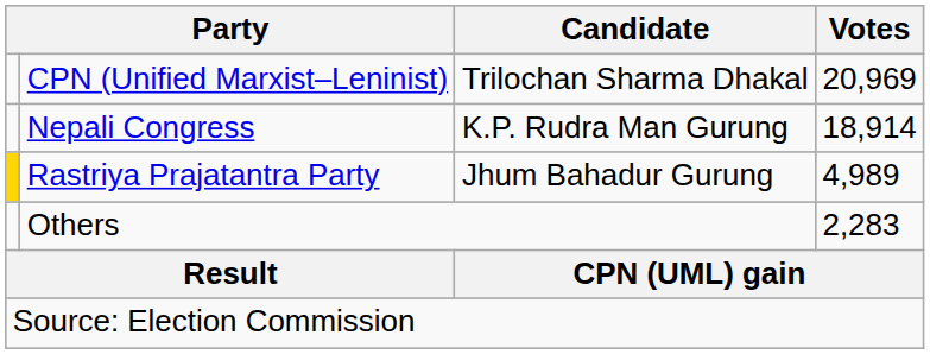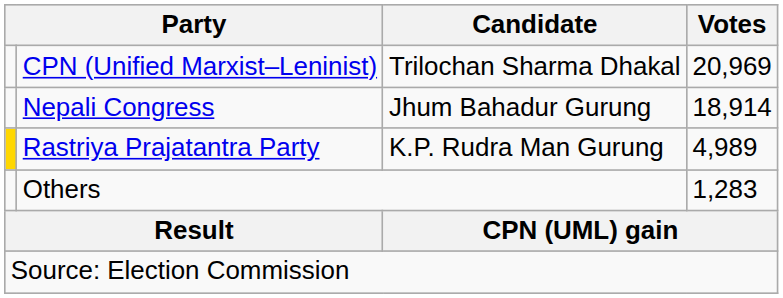 <table class="wikitable">
 <tr>
 <th colspan="2">Party</th>
 <th>Candidate</th>
 <th>Votes</th>
 </tr>
 <tr>
 <td style="background-color:"></td>
 <td><a href='#'>CPN (Unified Marxist–Leninist)</a></td>
 <td>Trilochan Sharma Dhakal</td>
 <td>20,969</td>
 </tr>
 <tr>
 <td style="background-color:"></td>
 <td><a href='#'>Nepali Congress</a></td>
-<td>K.P. Rudra Man Gurung</td>
+<td>Jhum Bahadur Gurung</td>
 <td>18,914</td>
 </tr>
 <tr>
 <td style="background-color:gold"></td>
 <td><a href='#'>Rastriya Prajatantra Party</a></td>
-<td>Jhum Bahadur Gurung</td>
+<td>K.P. Rudra Man Gurung</td>
 <td>4,989</td>
 </tr>
 <tr>
 <td></td>
 <td colspan="2">Others</td>
-<td>2,283</td>
+<td>1,283</td>
 </tr>
 <tr>
 <th colspan="2">Result</th>
 <th colspan="2">CPN (UML) gain</th>
 </tr>
 <tr>
 <td colspan="4">Source: Election Commission</td>
 </tr>
 </table>
